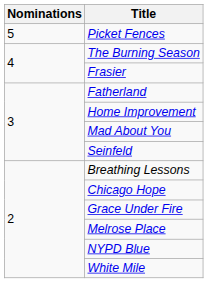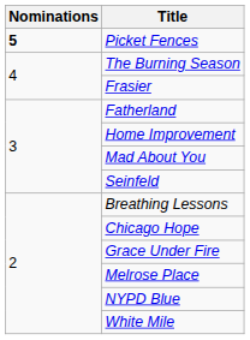 <table class="wikitable">
 <tr>
 <th>Nominations</th>
 <th>Title</th>
 </tr>
 <tr>
-<td>5</td>
+<td><strong>5</strong></td>
 <td><em><a href='#'>Picket Fences</a></em></td>
 </tr>
 <tr>
 <td rowspan="2">4</td>
 <td><em><a href='#'>The Burning Season</a></em></td>
 </tr>
 <tr>
 <td><em><a href='#'>Frasier</a></em></td>
 </tr>
 <tr>
 <td rowspan="4">3</td>
 <td><em><a href='#'>Fatherland</a></em></td>
 </tr>
 <tr>
 <td><em><a href='#'>Home Improvement</a></em></td>
 </tr>
 <tr>
 <td><em><a href='#'>Mad About You</a></em></td>
 </tr>
 <tr>
 <td><em><a href='#'>Seinfeld</a></em></td>
 </tr>
 <tr>
 <td rowspan="6">2</td>
 <td><em>Breathing Lessons</em></td>
 </tr>
 <tr>
 <td><em><a href='#'>Chicago Hope</a></em></td>
 </tr>
 <tr>
 <td><em><a href='#'>Grace Under Fire</a></em></td>
 </tr>
 <tr>
 <td><em><a href='#'>Melrose Place</a></em></td>
 </tr>
 <tr>
 <td><em><a href='#'>NYPD Blue</a></em></td>
 </tr>
 <tr>
 <td><em><a href='#'>White Mile</a></em></td>
 </tr>
 </table>
